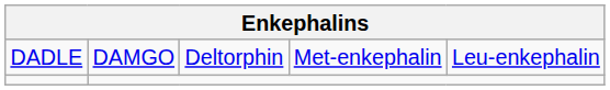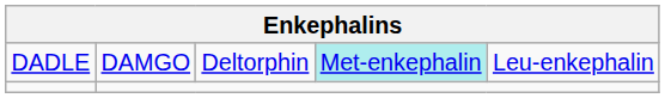 <table class="wikitable" style="font-size:smaller; text-align:center">
 <tr>
 <th colspan="5">Enkephalins</th>
 </tr>
 <tr>
 <td> <a href='#'>DADLE</a></td>
 <td> <a href='#'>DAMGO</a></td>
 <td> <a href='#'>Deltorphin</a></td>
-<td> <a href='#'>Met-enkephalin</a></td>
+<td style="background: paleturquoise;"> <a href='#'>Met-enkephalin</a></td>
 <td> <a href='#'>Leu-enkephalin</a></td>
 </tr>
 <tr>
 <td></td>
 </tr>
 </table>
